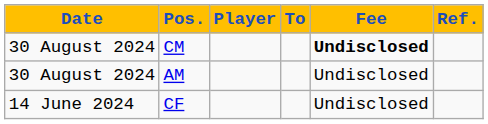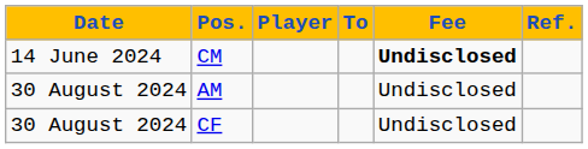 <table class="wikitable plainrowheaders sortable">
 <tr>
 <th style="background:#ffbf00;color:#1C4EBD ">Date</th>
 <th style="background:#ffbf00;color:#1C4EBD ">Pos.</th>
 <th style="background:#ffbf00;color:#1C4EBD ">Player</th>
 <th style="background:#ffbf00;color:#1C4EBD ">To</th>
 <th style="background:#ffbf00;color:#1C4EBD ">Fee</th>
 <th style="background:#ffbf00;color:#1C4EBD ">Ref.</th>
 </tr>
 <tr>
-<td>30 August 2024</td>
+<td>14 June 2024</td>
 <td><a href='#'>CM</a></td>
 <td></td>
 <td></td>
 <td><strong>Undisclosed</strong></td>
 <td></td>
 </tr>
 <tr>
 <td>30 August 2024</td>
 <td><a href='#'>AM</a></td>
 <td></td>
 <td></td>
 <td>Undisclosed</td>
 <td></td>
 </tr>
 <tr>
-<td>14 June 2024</td>
+<td>30 August 2024</td>
 <td><a href='#'>CF</a></td>
 <td></td>
 <td></td>
 <td>Undisclosed</td>
 <td></td>
 </tr>
 </table>
